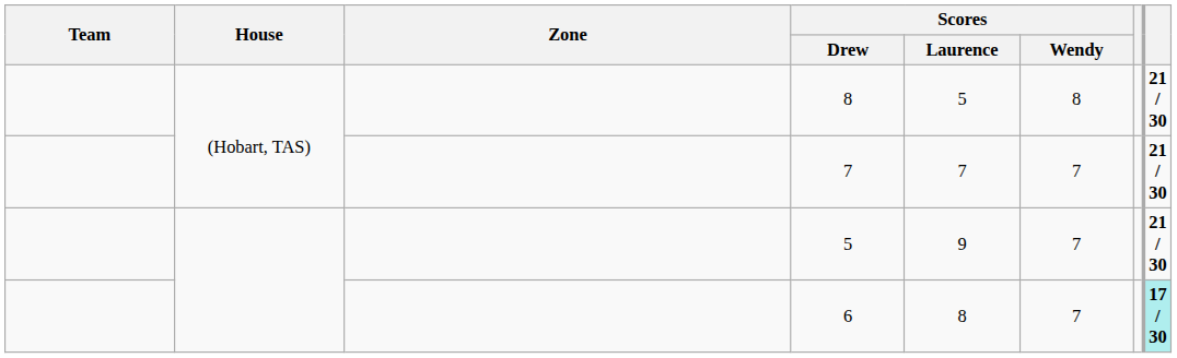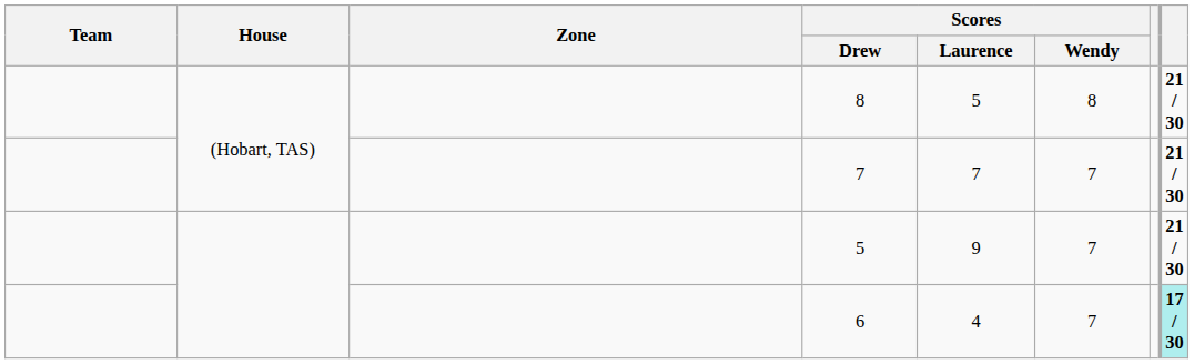 <table class="wikitable plainrowheaders" style="text-align:center; font-size:90%; width:65em;">
 <tr>
 <th rowspan="2">Team</th>
 <th rowspan="2">House</th>
 <th rowspan="2" style="width:40%;">Zone</th>
 <th colspan="3" style="width:30%;">Scores</th>
 <th rowspan="2" style="width:15%;"></th>
 <th rowspan="2" style="width:15%; border-left:3px solid #aaa;"></th>
 </tr>
 <tr>
 <th style="width:10%;">Drew</th>
 <th style="width:10%;">Laurence</th>
 <th style="width:10%;">Wendy</th>
 </tr>
 <tr>
 <td style="width:15%;"></td>
 <td rowspan=2 style="width:15%;"><br>(Hobart, TAS)</td>
 <td></td>
 <td>8</td>
 <td>5</td>
 <td>8</td>
 <td></td>
 <td style="border-left:3px solid #aaa;"><strong>21 / 30</strong></td>
 </tr>
 <tr>
 <td style="width:15%;"></td>
 <td></td>
 <td>7</td>
 <td>7</td>
 <td>7</td>
 <td></td>
 <td style="border-left:3px solid #aaa;"><strong>21 / 30</strong></td>
 </tr>
 <tr>
 <td style="width:15%;"></td>
 <td rowspan=2 style="width:15%;"><br></td>
 <td></td>
 <td>5</td>
 <td>9</td>
 <td>7</td>
 <td></td>
 <td style="border-left:3px solid #aaa;"><strong>21 / 30</strong></td>
 </tr>
 <tr>
 <td style="width:15%;"></td>
 <td></td>
 <td>6</td>
-<td>8</td>
+<td>4</td>
 <td>7</td>
 <td></td>
 <td style="background: paleturquoise; border-left:3px solid #aaa;"><strong>17 / 30</strong></td>
 </tr>
 </table>
